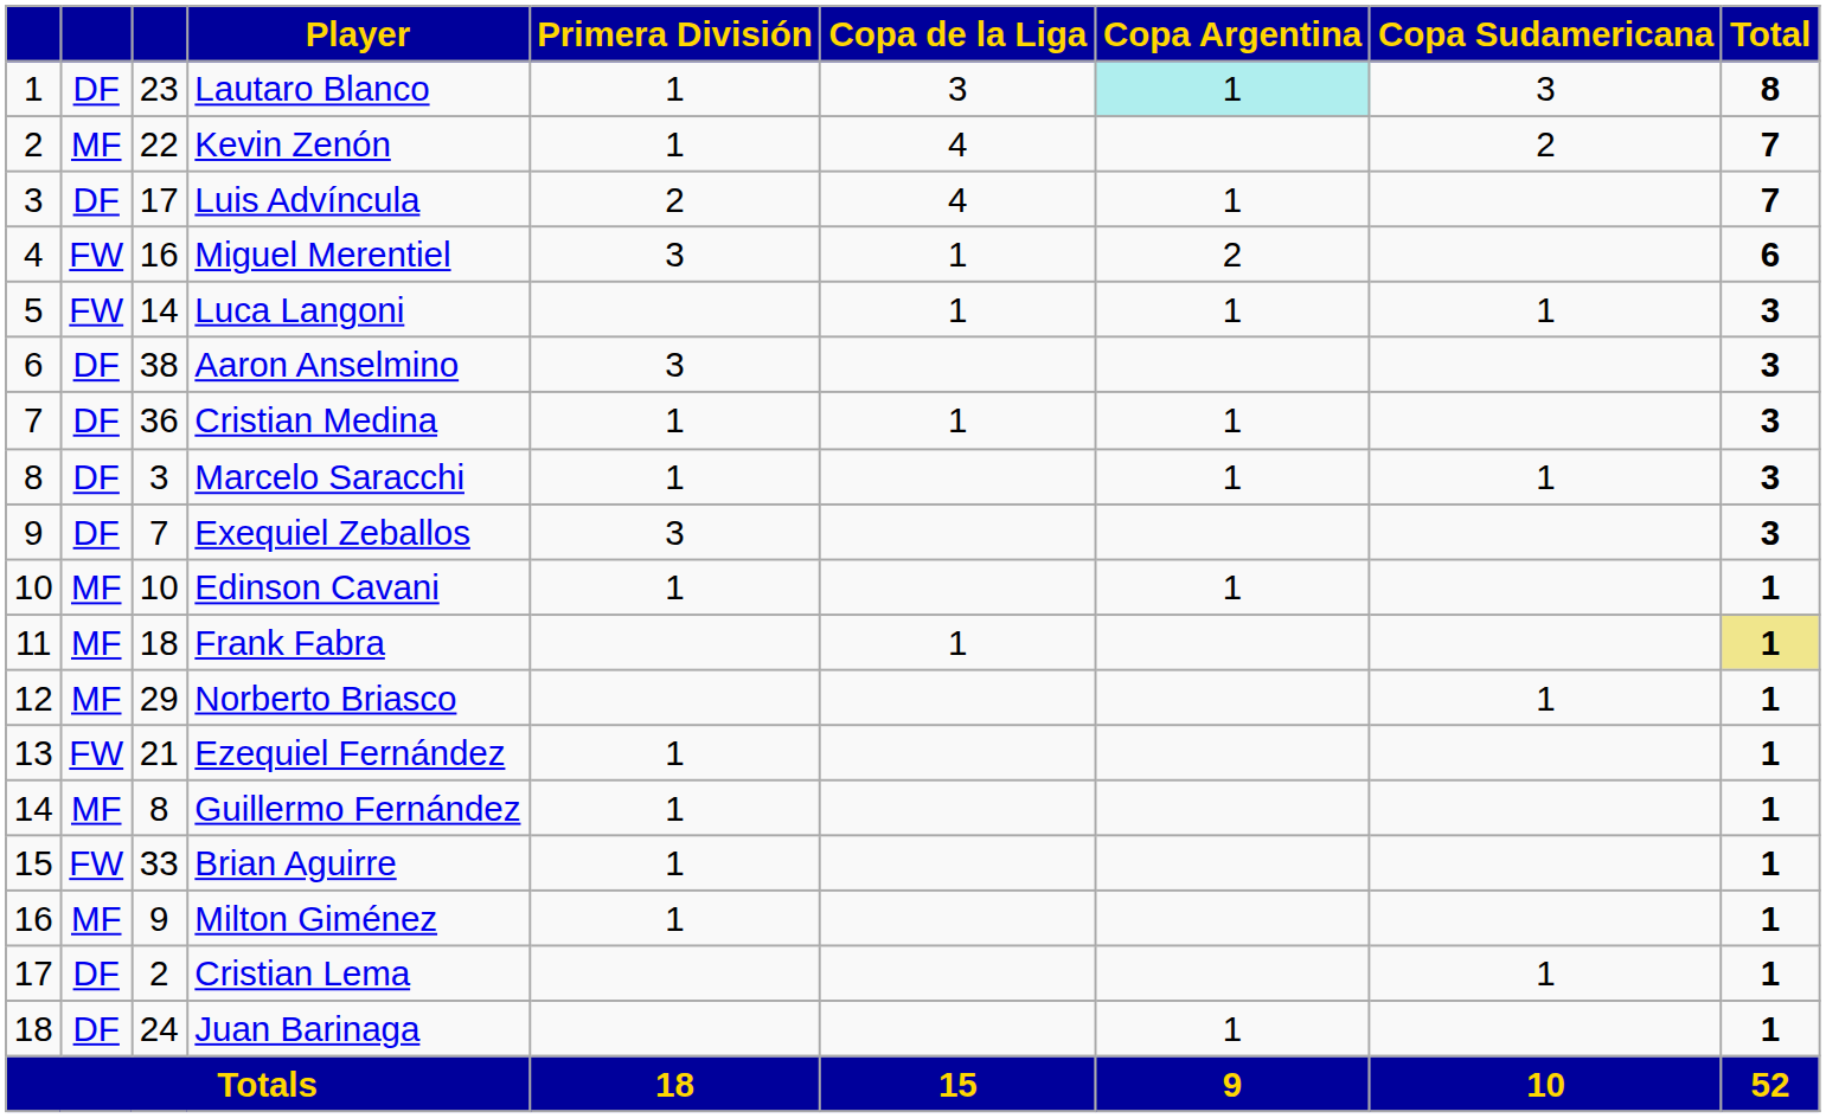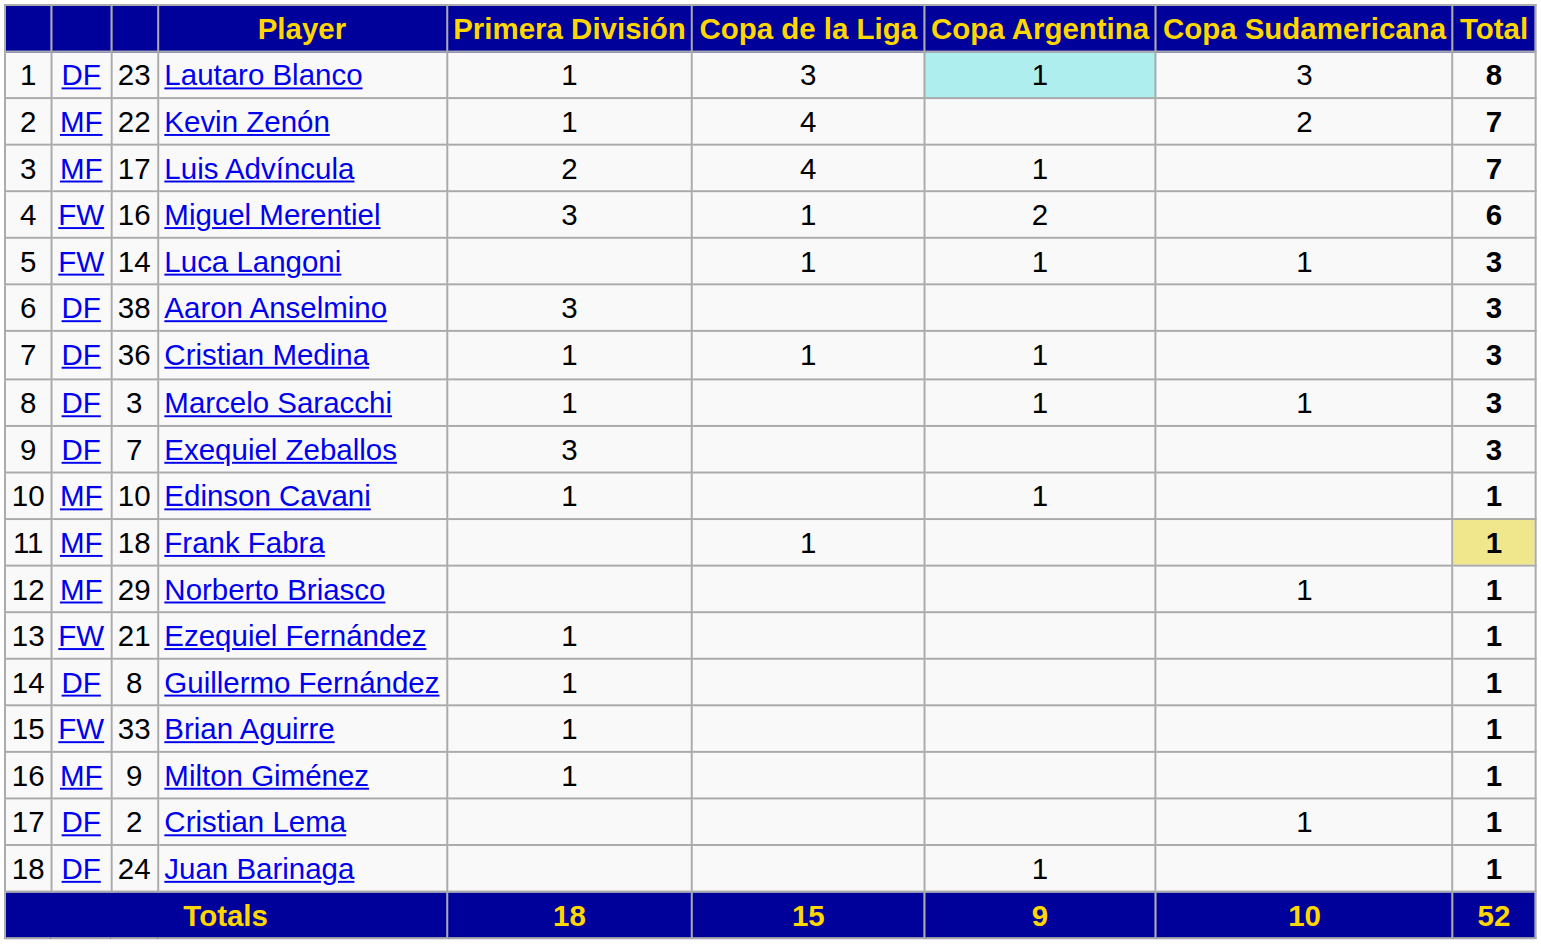 <table class="wikitable sortable" style="font-size: 95%; text-align: center;">
 <tr>
 <th style="background:#00009B; color:gold; width=15"></th>
 <th style="background:#00009B; color:gold; width=15"></th>
 <th style="background:#00009B; color:gold; width=15"></th>
 <th style="background:#00009B; color:gold; width=15 width=150">Player</th>
 <th style="background:#00009B; color:gold; width=15 width=75">Primera División</th>
 <th style="background:#00009B; color:gold; width=15 width=75">Copa de la Liga</th>
 <th style="background:#00009B; color:gold; width=15 width=75">Copa Argentina</th>
 <th style="background:#00009B; color:gold; width=15 width=75">Copa Sudamericana</th>
 <th style="background:#00009B; color:gold; width=15 width=75">Total</th>
 </tr>
 <tr>
 <td>1</td>
 <td><a href='#'>DF</a></td>
 <td>23</td>
 <td align=left> <a href='#'>Lautaro Blanco</a></td>
 <td>1</td>
 <td>3</td>
 <td style="background: paleturquoise;">1</td>
 <td>3</td>
 <td><strong>8</strong></td>
 </tr>
 <tr>
 <td>2</td>
 <td><a href='#'>MF</a></td>
 <td>22</td>
 <td align=left> <a href='#'>Kevin Zenón</a></td>
 <td>1</td>
 <td>4</td>
 <td></td>
 <td>2</td>
 <td><strong>7</strong></td>
 </tr>
 <tr>
 <td>3</td>
-<td><a href='#'>DF</a></td>
+<td><a href='#'>MF</a></td>
 <td>17</td>
 <td align=left> <a href='#'>Luis Advíncula</a></td>
 <td>2</td>
 <td>4</td>
 <td>1</td>
 <td></td>
 <td><strong>7</strong></td>
 </tr>
 <tr>
 <td>4</td>
 <td><a href='#'>FW</a></td>
 <td>16</td>
 <td align=left> <a href='#'>Miguel Merentiel</a></td>
 <td>3</td>
 <td>1</td>
 <td>2</td>
 <td></td>
 <td><strong>6</strong></td>
 </tr>
 <tr>
 <td>5</td>
 <td><a href='#'>FW</a></td>
 <td>14</td>
 <td align=left> <a href='#'>Luca Langoni</a></td>
 <td></td>
 <td>1</td>
 <td>1</td>
 <td>1</td>
 <td><strong>3</strong></td>
 </tr>
 <tr>
 <td>6</td>
 <td><a href='#'>DF</a></td>
 <td>38</td>
 <td align=left> <a href='#'>Aaron Anselmino</a></td>
 <td>3</td>
 <td></td>
 <td></td>
 <td></td>
 <td><strong>3</strong></td>
 </tr>
 <tr>
 <td>7</td>
 <td><a href='#'>DF</a></td>
 <td>36</td>
 <td align=left> <a href='#'>Cristian Medina</a></td>
 <td>1</td>
 <td>1</td>
 <td>1</td>
 <td></td>
 <td><strong>3</strong></td>
 </tr>
 <tr>
 <td>8</td>
 <td><a href='#'>DF</a></td>
 <td>3</td>
 <td align=left> <a href='#'>Marcelo Saracchi</a></td>
 <td>1</td>
 <td></td>
 <td>1</td>
 <td>1</td>
 <td><strong>3</strong></td>
 </tr>
 <tr>
 <td>9</td>
 <td><a href='#'>DF</a></td>
 <td>7</td>
 <td align=left> <a href='#'>Exequiel Zeballos</a></td>
 <td>3</td>
 <td></td>
 <td></td>
 <td></td>
 <td><strong>3</strong></td>
 </tr>
 <tr>
 <td>10</td>
 <td><a href='#'>MF</a></td>
 <td>10</td>
 <td align=left> <a href='#'>Edinson Cavani</a></td>
 <td>1</td>
 <td></td>
 <td>1</td>
 <td></td>
 <td><strong>1</strong></td>
 </tr>
 <tr>
 <td>11</td>
 <td><a href='#'>MF</a></td>
 <td>18</td>
 <td align=left> <a href='#'>Frank Fabra</a></td>
 <td></td>
 <td>1</td>
 <td></td>
 <td></td>
 <td style="background: khaki;"><strong>1</strong></td>
 </tr>
 <tr>
 <td>12</td>
 <td><a href='#'>MF</a></td>
 <td>29</td>
 <td align=left> <a href='#'>Norberto Briasco</a></td>
 <td></td>
 <td></td>
 <td></td>
 <td>1</td>
 <td><strong>1</strong></td>
 </tr>
 <tr>
 <td>13</td>
 <td><a href='#'>FW</a></td>
 <td>21</td>
 <td align=left> <a href='#'>Ezequiel Fernández</a></td>
 <td>1</td>
 <td></td>
 <td></td>
 <td></td>
 <td><strong>1</strong></td>
 </tr>
 <tr>
 <td>14</td>
-<td><a href='#'>MF</a></td>
+<td><a href='#'>DF</a></td>
 <td>8</td>
 <td align=left> <a href='#'>Guillermo Fernández</a></td>
 <td>1</td>
 <td></td>
 <td></td>
 <td></td>
 <td><strong>1</strong></td>
 </tr>
 <tr>
 <td>15</td>
 <td><a href='#'>FW</a></td>
 <td>33</td>
 <td align=left> <a href='#'>Brian Aguirre</a></td>
 <td>1</td>
 <td></td>
 <td></td>
 <td></td>
 <td><strong>1</strong></td>
 </tr>
 <tr>
 <td>16</td>
 <td><a href='#'>MF</a></td>
 <td>9</td>
 <td align=left> <a href='#'>Milton Giménez</a></td>
 <td>1</td>
 <td></td>
 <td></td>
 <td></td>
 <td><strong>1</strong></td>
 </tr>
 <tr>
 <td>17</td>
 <td><a href='#'>DF</a></td>
 <td>2</td>
 <td align=left> <a href='#'>Cristian Lema</a></td>
 <td></td>
 <td></td>
 <td></td>
 <td>1</td>
 <td><strong>1</strong></td>
 </tr>
 <tr>
 <td>18</td>
 <td><a href='#'>DF</a></td>
 <td>24</td>
 <td align=left> <a href='#'>Juan Barinaga</a></td>
 <td></td>
 <td></td>
 <td>1</td>
 <td></td>
 <td><strong>1</strong></td>
 </tr>
 <tr align=center>
 <th style="background:#00009B; color:gold"; colspan=4><strong>Totals</strong></th>
 <th style="background:#00009B; color:gold";><strong>18</strong></th>
 <th style="background:#00009B; color:gold";><strong>15</strong></th>
 <th style="background:#00009B; color:gold";><strong>9</strong></th>
 <th style="background:#00009B; color:gold";><strong>10</strong></th>
 <th style="background:#00009B; color:gold";><strong>52</strong></th>
 </tr>
 </table>
